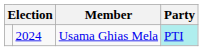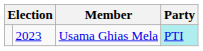 <table class="wikitable">
 <tr>
 <th colspan="2">Election</th>
 <th>Member</th>
 <th>Party</th>
 </tr>
 <tr>
 <td style="background-color: "></td>
-<td><a href='#'>2024</a></td>
+<td><a href='#'>2023</a></td>
 <td><a href='#'>Usama Ghias Mela</a></td>
 <td style="background: paleturquoise;"><a href='#'>PTI</a></td>
 </tr>
 </table>
